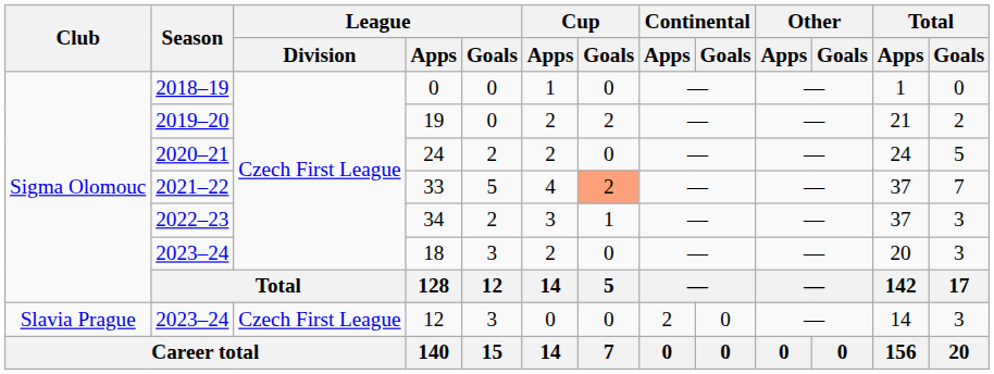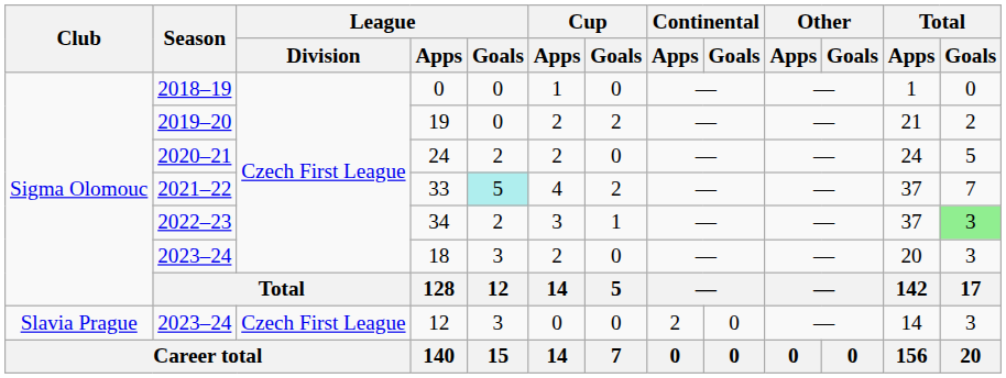 <table class="wikitable" style="text-align:center">
 <tr>
 <th rowspan="2">Club</th>
 <th rowspan="2">Season</th>
 <th colspan="3">League</th>
 <th colspan="2">Cup</th>
 <th colspan="2">Continental</th>
 <th colspan="2">Other</th>
 <th colspan="2">Total</th>
 </tr>
 <tr>
 <th>Division</th>
 <th>Apps</th>
 <th>Goals</th>
 <th>Apps</th>
 <th>Goals</th>
 <th>Apps</th>
 <th>Goals</th>
 <th>Apps</th>
 <th>Goals</th>
 <th>Apps</th>
 <th>Goals</th>
 </tr>
 <tr>
 <td rowspan="7"><a href='#'>Sigma Olomouc</a></td>
 <td><a href='#'>2018–19</a></td>
 <td rowspan="6"><a href='#'>Czech First League</a></td>
 <td>0</td>
 <td>0</td>
 <td>1</td>
 <td>0</td>
 <td colspan="2">—</td>
 <td colspan="2">—</td>
 <td>1</td>
 <td>0</td>
 </tr>
 <tr>
 <td><a href='#'>2019–20</a></td>
 <td>19</td>
 <td>0</td>
 <td>2</td>
 <td>2</td>
 <td colspan="2">—</td>
 <td colspan="2">—</td>
 <td>21</td>
 <td>2</td>
 </tr>
 <tr>
 <td><a href='#'>2020–21</a></td>
 <td>24</td>
 <td>2</td>
 <td>2</td>
 <td>0</td>
 <td colspan="2">—</td>
 <td colspan="2">—</td>
 <td>24</td>
 <td>5</td>
 </tr>
 <tr>
 <td><a href='#'>2021–22</a></td>
 <td>33</td>
-<td>5</td>
+<td style="background: paleturquoise;">5</td>
 <td>4</td>
-<td style="background: lightsalmon;">2</td>
+<td>2</td>
 <td colspan="2">—</td>
 <td colspan="2">—</td>
 <td>37</td>
 <td>7</td>
 </tr>
 <tr>
 <td><a href='#'>2022–23</a></td>
 <td>34</td>
 <td>2</td>
 <td>3</td>
 <td>1</td>
 <td colspan="2">—</td>
 <td colspan="2">—</td>
 <td>37</td>
-<td>3</td>
+<td style="background: lightgreen;">3</td>
 </tr>
 <tr>
 <td><a href='#'>2023–24</a></td>
 <td>18</td>
 <td>3</td>
 <td>2</td>
 <td>0</td>
 <td colspan="2">—</td>
 <td colspan="2">—</td>
 <td>20</td>
 <td>3</td>
 </tr>
 <tr>
 <th colspan="2">Total</th>
 <th>128</th>
 <th>12</th>
 <th>14</th>
 <th>5</th>
 <th colspan="2">—</th>
 <th colspan="2">—</th>
 <th>142</th>
 <th>17</th>
 </tr>
 <tr>
 <td><a href='#'>Slavia Prague</a></td>
 <td><a href='#'>2023–24</a></td>
 <td><a href='#'>Czech First League</a></td>
 <td>12</td>
 <td>3</td>
 <td>0</td>
 <td>0</td>
 <td>2</td>
 <td>0</td>
 <td colspan="2">—</td>
 <td>14</td>
 <td>3</td>
 </tr>
 <tr>
 <th colspan="3">Career total</th>
 <th>140</th>
 <th>15</th>
 <th>14</th>
 <th>7</th>
 <th>0</th>
 <th>0</th>
 <th>0</th>
 <th>0</th>
 <th>156</th>
 <th>20</th>
 </tr>
 </table>
